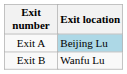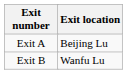 <table class="wikitable">
 <tr>
 <th style="width:70px" colspan="2">Exit number</th>
 <th>Exit location</th>
 </tr>
 <tr>
 <td align="center" colspan="2">Exit A</td>
-<td style="background: lightblue;">Beijing Lu</td>
+<td>Beijing Lu</td>
 </tr>
 <tr>
 <td align="center" colspan="2">Exit B</td>
 <td>Wanfu Lu</td>
 </tr>
 </table>
